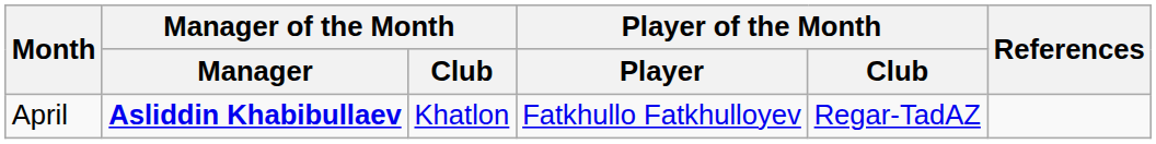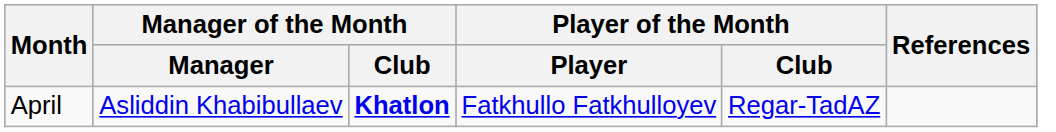 <table class="wikitable">
 <tr>
 <th rowspan="2">Month</th>
 <th colspan="2">Manager of the Month</th>
 <th colspan="2">Player of the Month</th>
 <th rowspan="2">References</th>
 </tr>
 <tr>
 <th>Manager</th>
 <th>Club</th>
 <th>Player</th>
 <th>Club</th>
 </tr>
 <tr>
 <td>April</td>
-<td><strong> <a href='#'>Asliddin Khabibullaev</a></strong></td>
-<td><a href='#'>Khatlon</a></td>
+<td> <a href='#'>Asliddin Khabibullaev</a></td>
+<td><strong><a href='#'>Khatlon</a></strong></td>
 <td> <a href='#'>Fatkhullo Fatkhulloyev</a></td>
 <td><a href='#'>Regar-TadAZ</a></td>
 <td align=center></td>
 </tr>
 </table>
